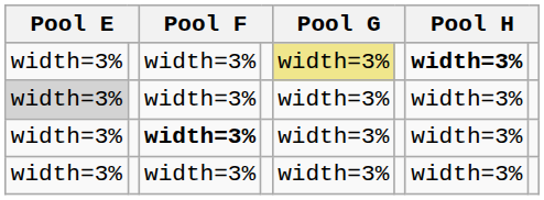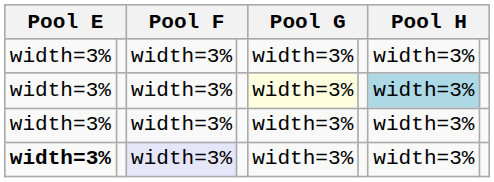 <table class="wikitable">
 <tr>
 <th width=25% colspan=2>Pool E</th>
 <th width=25% colspan=2>Pool F</th>
 <th width=25% colspan=2>Pool G</th>
 <th width=25% colspan=2>Pool H</th>
 </tr>
 <tr>
 <td>width=3% </td>
 <td></td>
 <td>width=3% </td>
 <td></td>
-<td style="background: khaki;">width=3% </td>
-<td></td>
-<td><strong>width=3% </strong></td>
-<td></td>
-</tr>
-<tr>
-<td style="background: lightgrey;">width=3% </td>
-<td></td>
-<td>width=3% </td>
-<td></td>
 <td>width=3% </td>
 <td></td>
 <td>width=3% </td>
 <td></td>
 </tr>
 <tr>
 <td>width=3% </td>
 <td></td>
-<td><strong>width=3% </strong></td>
-<td></td>
 <td>width=3% </td>
 <td></td>
-<td>width=3% </td>
+<td style="background: lightyellow;">width=3% </td>
+<td></td>
+<td style="background: lightblue;">width=3% </td>
 <td></td>
 </tr>
 <tr>
 <td>width=3% </td>
 <td></td>
 <td>width=3% </td>
 <td></td>
 <td>width=3% </td>
 <td></td>
 <td>width=3% </td>
 <td></td>
 </tr>
+<tr>
+<td><strong>width=3% </strong></td>
+<td></td>
+<td style="background: lavender;">width=3% </td>
+<td></td>
+<td>width=3% </td>
+<td></td>
+<td>width=3% </td>
+<td></td>
+</tr>
 </table>
